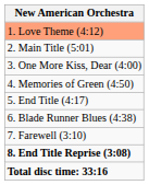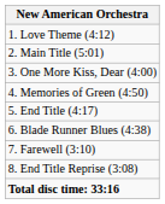 <table class="wikitable">
 <tr>
 <th>New American Orchestra</th>
 </tr>
 <tr>
-<td style="background: lightsalmon;">1. Love Theme (4:12)</td>
+<td>1. Love Theme (4:12)</td>
 </tr>
 <tr>
 <td>2. Main Title (5:01)</td>
 </tr>
 <tr>
 <td>3. One More Kiss, Dear (4:00)</td>
 </tr>
 <tr>
 <td>4. Memories of Green (4:50)</td>
 </tr>
 <tr>
 <td>5. End Title (4:17)</td>
 </tr>
 <tr>
 <td>6. Blade Runner Blues (4:38)</td>
 </tr>
 <tr>
 <td>7. Farewell (3:10)</td>
 </tr>
 <tr>
-<td><strong>8. End Title Reprise (3:08)</strong></td>
+<td>8. End Title Reprise (3:08)</td>
 </tr>
 <tr>
 <td><strong>Total disc time: 33:16</strong></td>
 </tr>
 </table>
